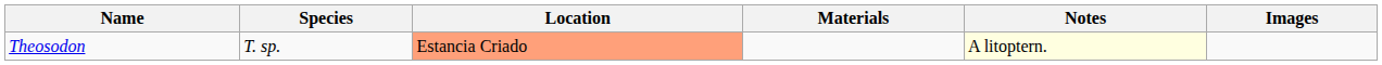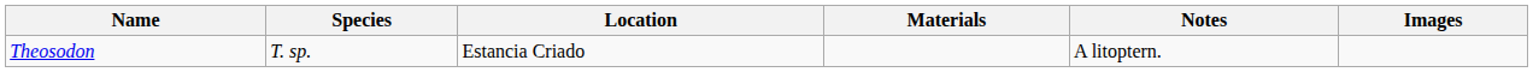 <table class="wikitable" align="center" width="100%">
 <tr>
 <th>Name</th>
 <th>Species</th>
 <th>Location</th>
 <th>Materials</th>
 <th>Notes</th>
 <th>Images</th>
 </tr>
 <tr>
 <td><em><a href='#'>Theosodon</a></em></td>
 <td><em>T. sp.</em></td>
-<td style="background: lightsalmon;">Estancia Criado</td>
+<td>Estancia Criado</td>
 <td></td>
-<td style="background: lightyellow;">A litoptern.</td>
+<td>A litoptern.</td>
 <td></td>
 </tr>
 <tr>
 </tr>
 </table>
